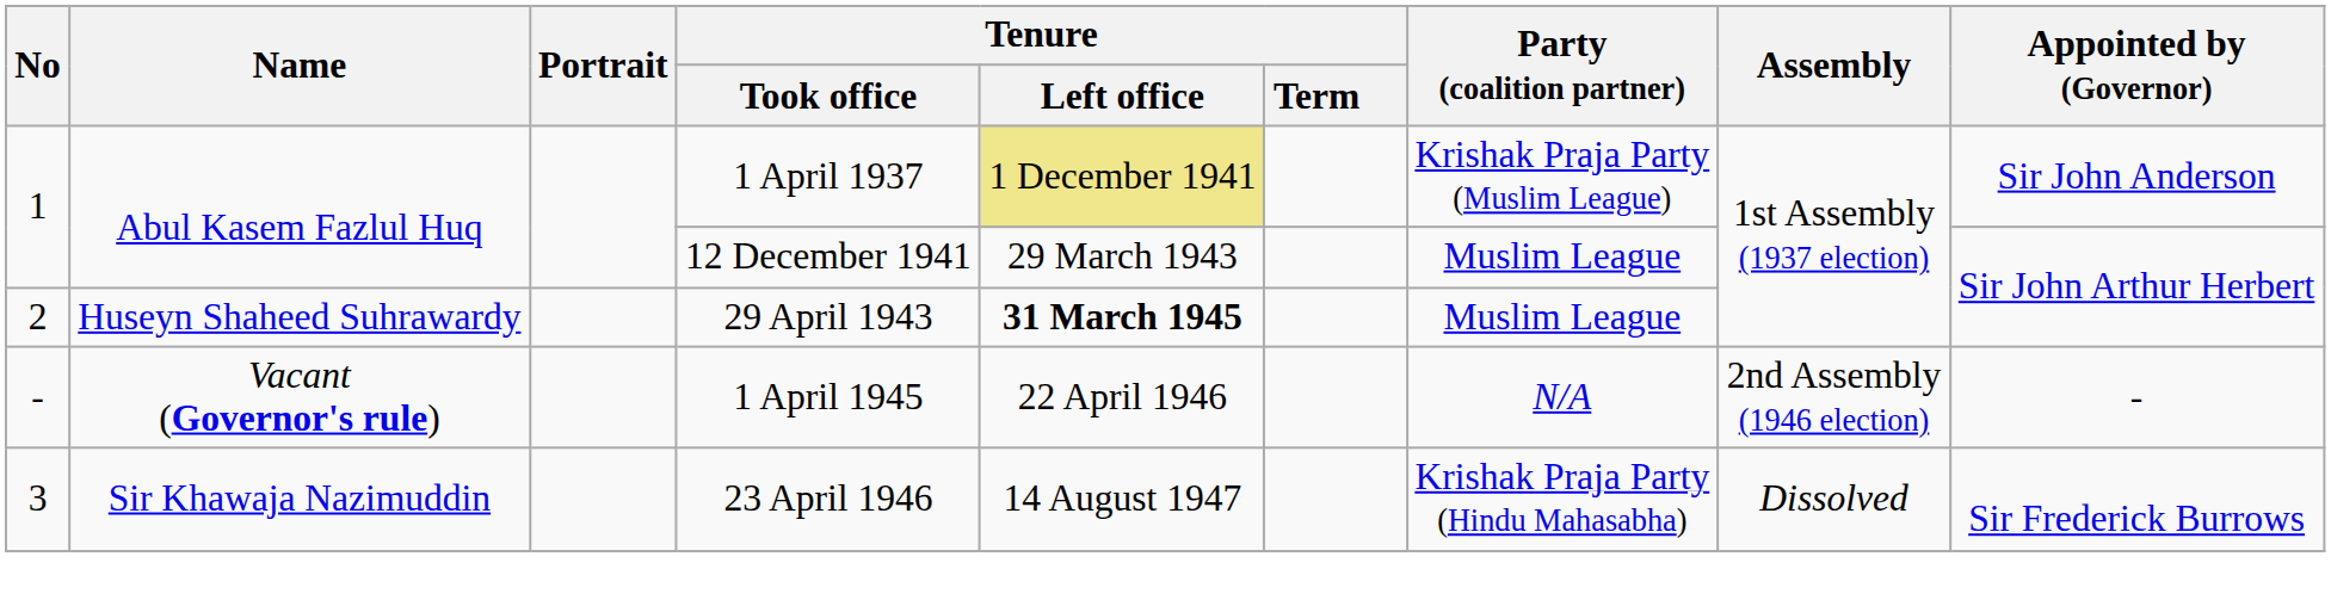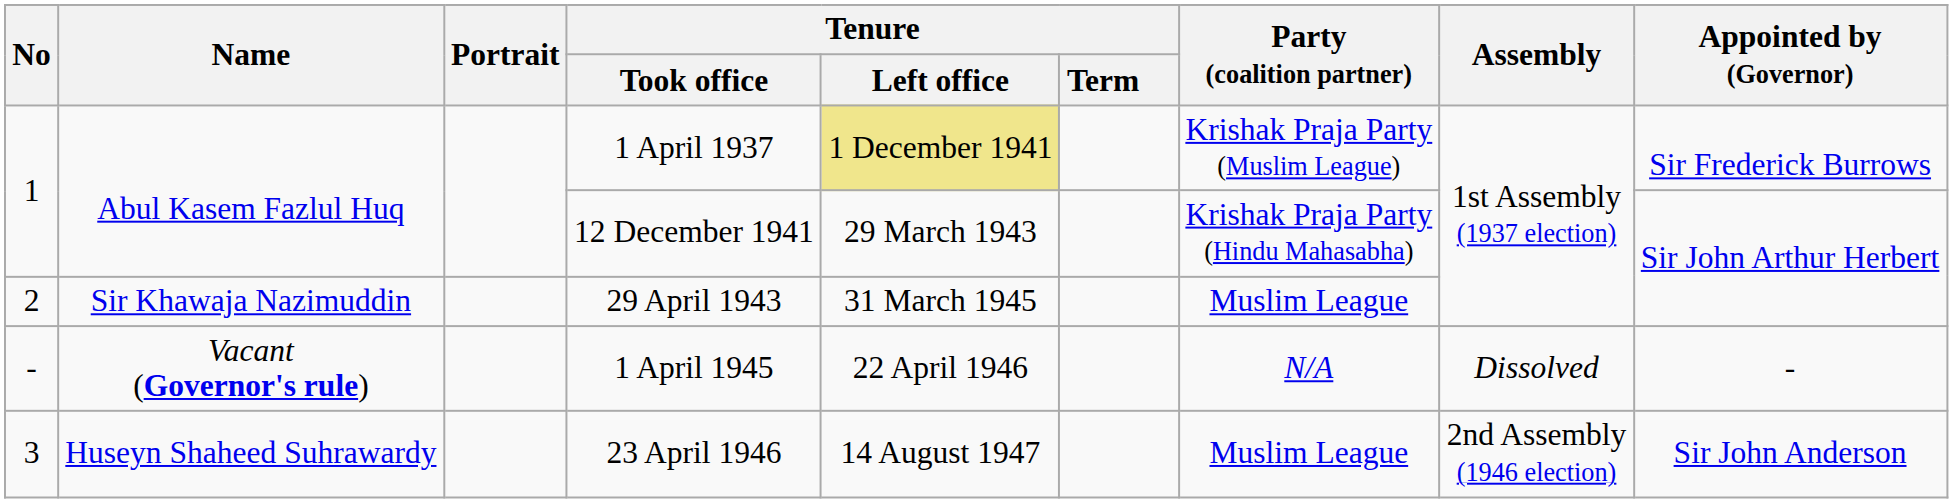 <table class="wikitable" style="text-align:center">
 <tr>
 <th rowspan="2">No</th>
 <th rowspan="2">Name</th>
 <th rowspan="2">Portrait</th>
 <th colspan="3">Tenure</th>
 <th rowspan="2">Party<br><small>(coalition partner)</small></th>
 <th rowspan="2">Assembly</th>
 <th rowspan="2">Appointed by<br><small>(Governor)</small></th>
 </tr>
 <tr>
 <th>Took office</th>
 <th>Left office</th>
 <th>Term    </th>
 </tr>
 <tr>
 <td rowspan="2" style="background-color: ">1</td>
 <td rowspan="2"><a href='#'><br> Abul Kasem Fazlul Huq</a></td>
 <td rowspan="2"></td>
 <td>1 April 1937</td>
 <td style="background: khaki;">1 December 1941</td>
 <td></td>
 <td><a href='#'>Krishak Praja Party</a><br><small>(<a href='#'>Muslim League</a>)</small></td>
 <td rowspan="3">1st Assembly<br><small><a href='#'>(1937 election)</a></small></td>
-<td><a href='#'>Sir John Anderson</a></td>
+<td><br><a href='#'>Sir Frederick Burrows</a></td>
 </tr>
 <tr>
 <td>12 December 1941</td>
 <td>29 March 1943</td>
 <td></td>
-<td><a href='#'>Muslim League</a></td>
+<td><a href='#'>Krishak Praja Party</a><br><small>(<a href='#'>Hindu Mahasabha</a>)</small></td>
 <td rowspan="2"><a href='#'>Sir John Arthur Herbert</a></td>
 </tr>
 <tr>
 <td style="background-color: ">2</td>
-<td><a href='#'>Huseyn Shaheed Suhrawardy</a></td>
+<td><a href='#'>Sir Khawaja Nazimuddin</a></td>
 <td></td>
 <td>29 April 1943</td>
-<td><strong>31 March 1945</strong></td>
+<td>31 March 1945</td>
 <td></td>
 <td><a href='#'>Muslim League</a></td>
 </tr>
 <tr>
 <td style="background-color: ">-</td>
 <td><em>Vacant</em><br>(<strong><a href='#'>Governor's rule</a></strong>)</td>
 <td></td>
 <td>1 April 1945</td>
 <td>22 April 1946</td>
 <td></td>
 <td><em><a href='#'>N/A</a></em></td>
-<td>2nd Assembly<br><small><a href='#'>(1946 election)</a></small></td>
+<td><em>Dissolved</em></td>
 <td>-</td>
 </tr>
 <tr>
 <td style="background-color: ">3</td>
-<td><a href='#'>Sir Khawaja Nazimuddin</a></td>
+<td><a href='#'>Huseyn Shaheed Suhrawardy</a></td>
 <td></td>
 <td>23 April 1946</td>
 <td>14 August 1947</td>
 <td></td>
-<td><a href='#'>Krishak Praja Party</a><br><small>(<a href='#'>Hindu Mahasabha</a>)</small></td>
-<td><em>Dissolved</em></td>
-<td><br><a href='#'>Sir Frederick Burrows</a></td>
+<td><a href='#'>Muslim League</a></td>
+<td>2nd Assembly<br><small><a href='#'>(1946 election)</a></small></td>
+<td><a href='#'>Sir John Anderson</a></td>
 </tr>
 </table>
